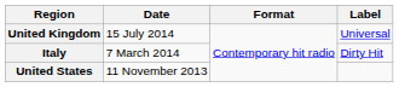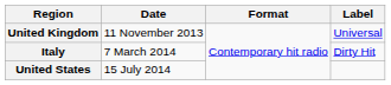 <table class="wikitable plainrowheaders">
 <tr>
 <th scope="col">Region</th>
 <th scope="col">Date</th>
 <th scope="col">Format</th>
 <th scope="col">Label</th>
 </tr>
 <tr>
 <th scope="row">United Kingdom</th>
-<td>15 July 2014</td>
+<td>11 November 2013</td>
 <td rowspan="3"><a href='#'>Contemporary hit radio</a></td>
 <td><a href='#'>Universal</a></td>
 </tr>
 <tr>
 <th scope="row">Italy</th>
 <td>7 March 2014</td>
 <td><a href='#'>Dirty Hit</a></td>
 </tr>
 <tr>
 <th scope="row">United States</th>
-<td>11 November 2013</td>
+<td>15 July 2014</td>
 <td></td>
 </tr>
 </table>
